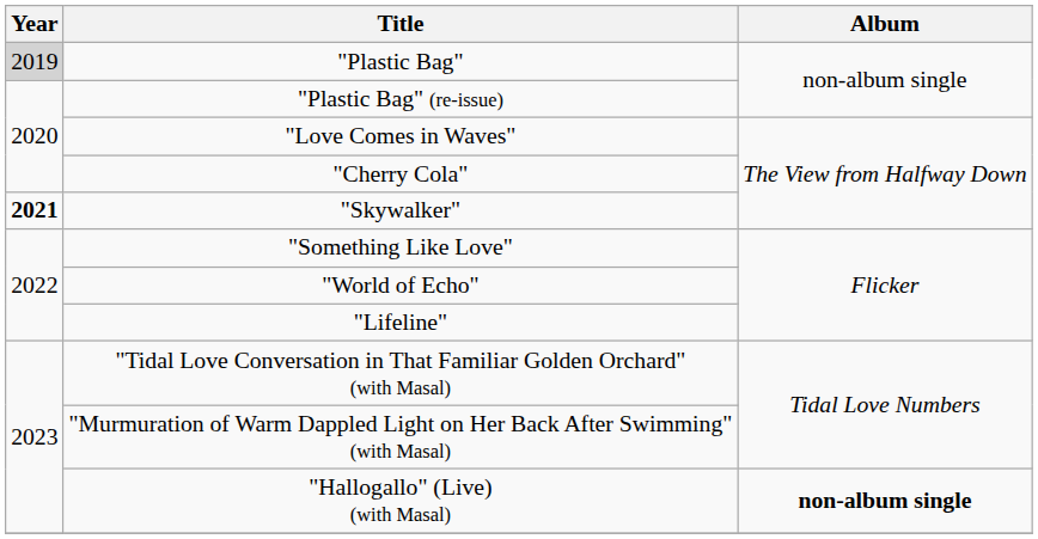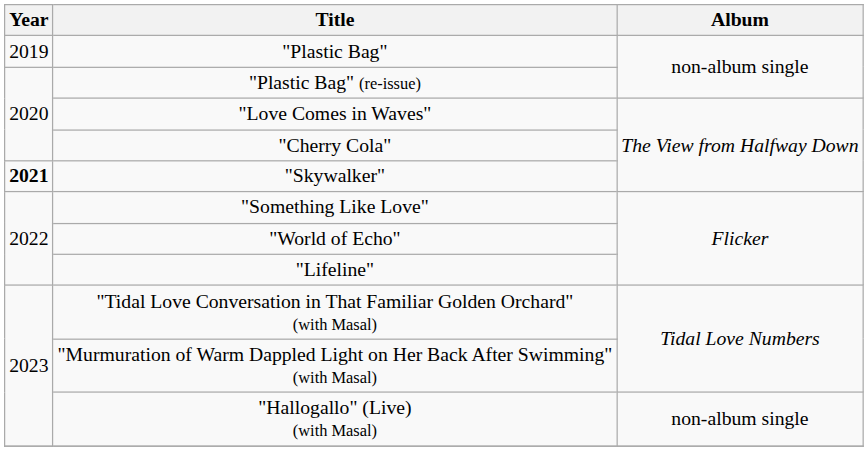 <table class="wikitable plainrowheaders" style="text-align:center;">
 <tr>
 <th scope="col" rowspan="1">Year</th>
 <th scope="col" rowspan="1">Title</th>
 <th scope="col" rowspan="1">Album</th>
 </tr>
 <tr>
-<td rowspan=1 style="background: lightgrey;">2019</td>
+<td rowspan=1>2019</td>
 <td>"Plastic Bag"</td>
 <td rowspan=2>non-album single</td>
 </tr>
 <tr>
 <td rowspan=3>2020</td>
 <td>"Plastic Bag" <small>(re-issue)</small></td>
 </tr>
 <tr>
 <td>"Love Comes in Waves"</td>
 <td rowspan=3><em>The View from Halfway Down</em></td>
 </tr>
 <tr>
 <td>"Cherry Cola"</td>
 </tr>
 <tr>
 <td><strong>2021</strong></td>
 <td>"Skywalker"</td>
 </tr>
 <tr>
 <td rowspan=3>2022</td>
 <td>"Something Like Love"</td>
 <td rowspan=3><em>Flicker</em></td>
 </tr>
 <tr>
 <td>"World of Echo"</td>
 </tr>
 <tr>
 <td>"Lifeline"</td>
 </tr>
 <tr>
 <td rowspan=3>2023</td>
 <td>"Tidal Love Conversation in That Familiar Golden Orchard"<br><small>(with Masal)</small></td>
 <td rowspan=2><em>Tidal Love Numbers</em></td>
 </tr>
 <tr>
 <td>"Murmuration of Warm Dappled Light on Her Back After Swimming"<br><small>(with Masal)</small></td>
 </tr>
 <tr>
 <td>"Hallogallo" (Live)<br><small>(with Masal)</small></td>
-<td><strong>non-album single</strong></td>
+<td>non-album single</td>
 </tr>
 <tr>
 </tr>
 </table>
